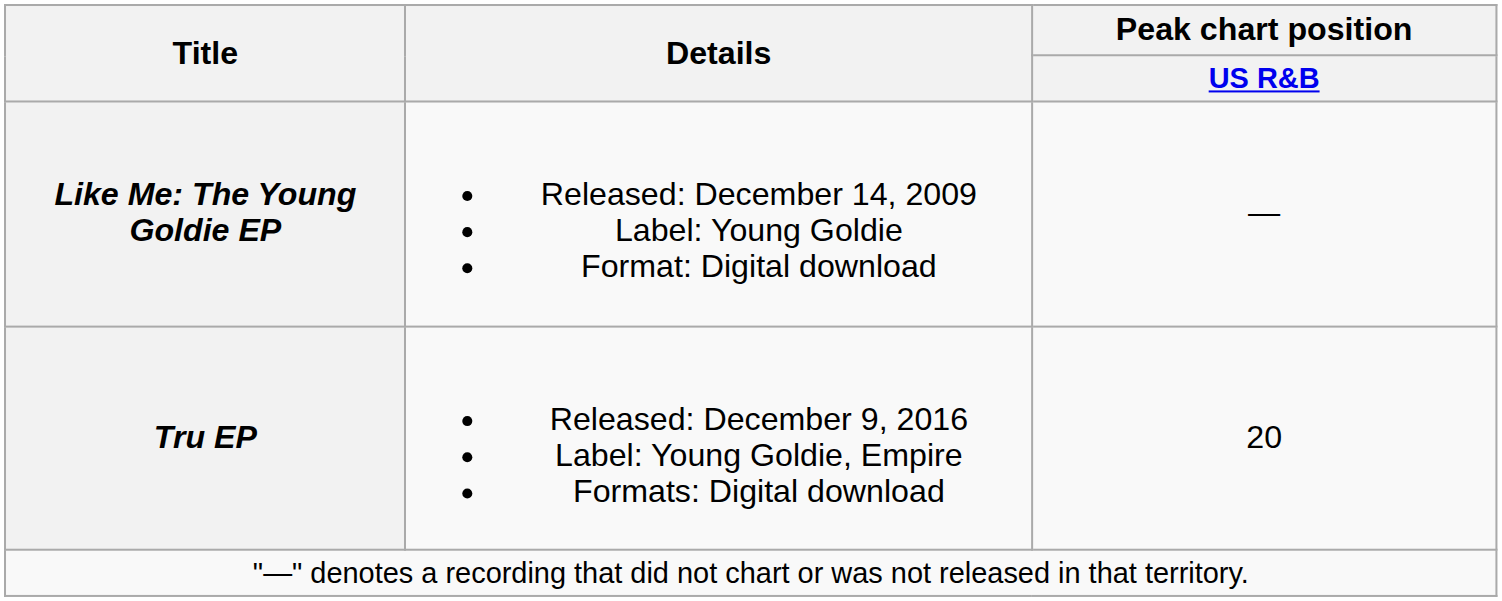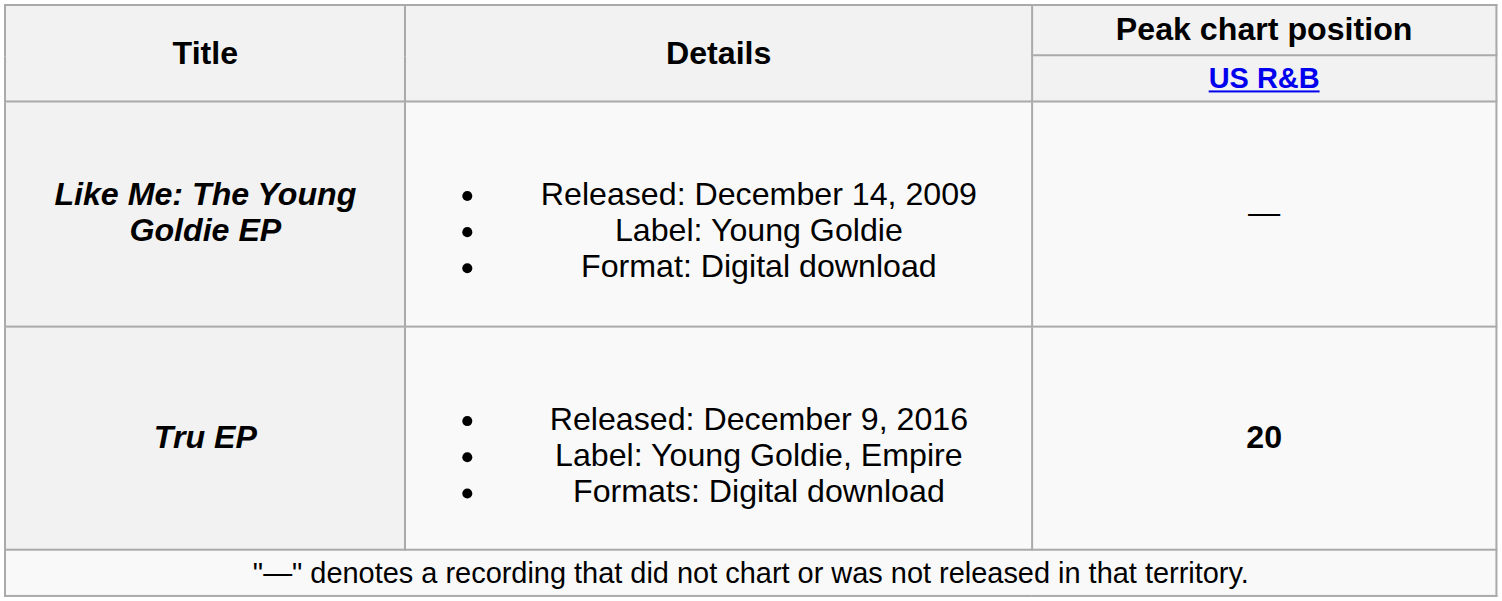 <table class="wikitable plainrowheaders" style="text-align:center;">
 <tr>
 <th scope="col" rowspan="2" style="width:12em;">Title</th>
 <th scope="col" rowspan="2" style="width:19em;">Details</th>
 <th scope="col" colspan="1" style="width:14em;">Peak chart position</th>
 </tr>
 <tr>
 <th scope="col" style="width:3em;font-size:90%;"><a href='#'>US R&B</a><br></th>
 </tr>
 <tr>
 <th scope="row"><em>Like Me: The Young Goldie EP</em></th>
 <td><br><ul><li>Released: December 14, 2009</li><li>Label: Young Goldie</li><li>Format: Digital download</li></ul></td>
 <td>—</td>
 </tr>
 <tr>
 <th scope="row"><em>Tru EP</em></th>
 <td><br><ul><li>Released: December 9, 2016</li><li>Label: Young Goldie, Empire</li><li>Formats: Digital download</li></ul></td>
-<td>20</td>
+<td><strong>20</strong></td>
 </tr>
 <tr>
 <td colspan="10" style="font-size:90%">"—" denotes a recording that did not chart or was not released in that territory.</td>
 </tr>
 </table>
